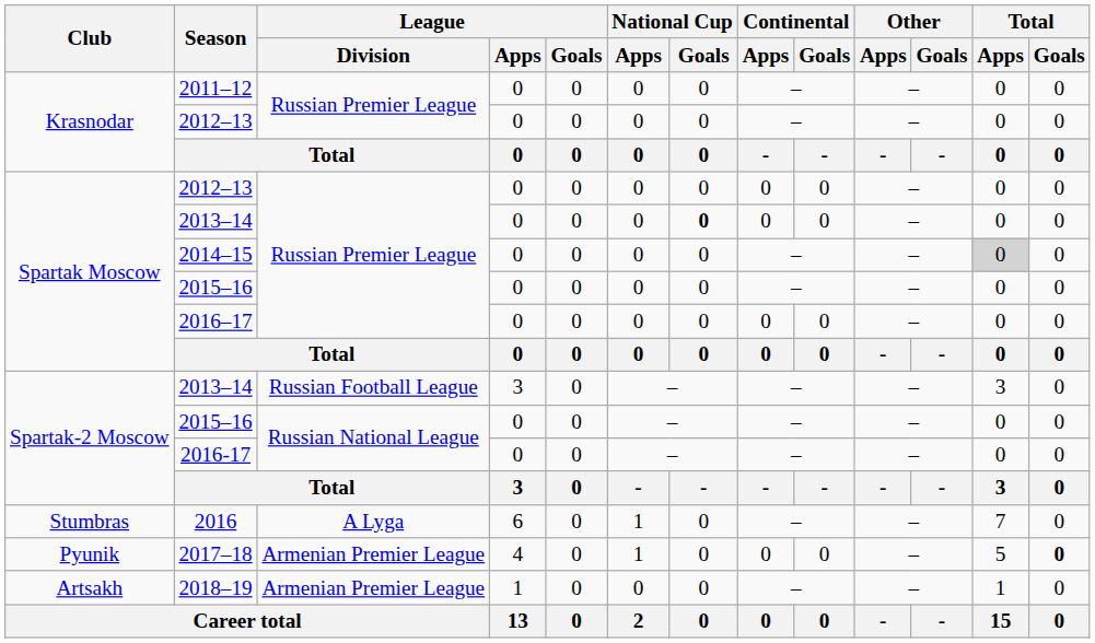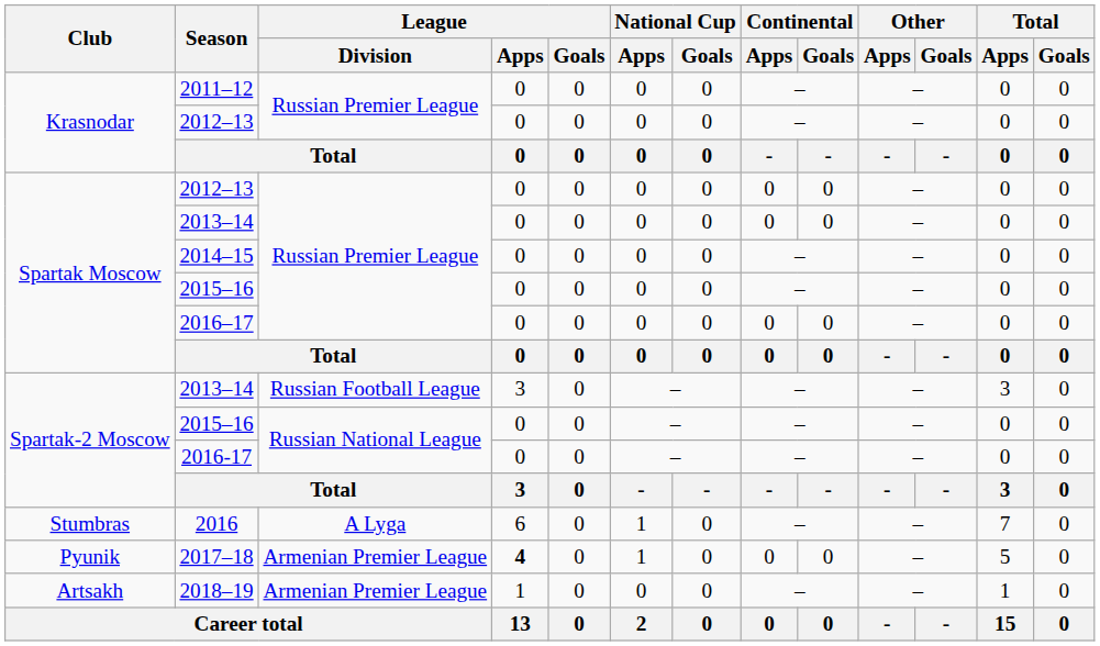 <table class="wikitable" style="text-align: center;">
 <tr>
 <th rowspan="2">Club</th>
 <th rowspan="2">Season</th>
 <th colspan="3">League</th>
 <th colspan="2">National Cup</th>
 <th colspan="2">Continental</th>
 <th colspan="2">Other</th>
 <th colspan="2">Total</th>
 </tr>
 <tr>
 <th>Division</th>
 <th>Apps</th>
 <th>Goals</th>
 <th>Apps</th>
 <th>Goals</th>
 <th>Apps</th>
 <th>Goals</th>
 <th>Apps</th>
 <th>Goals</th>
 <th>Apps</th>
 <th>Goals</th>
 </tr>
 <tr>
 <td rowspan="3" valign="center"><a href='#'>Krasnodar</a></td>
 <td><a href='#'>2011–12</a></td>
 <td rowspan="2" valign="center"><a href='#'>Russian Premier League</a></td>
 <td>0</td>
 <td>0</td>
 <td>0</td>
 <td>0</td>
 <td colspan="2">–</td>
 <td colspan="2">–</td>
 <td>0</td>
 <td>0</td>
 </tr>
 <tr>
 <td><a href='#'>2012–13</a></td>
 <td>0</td>
 <td>0</td>
 <td>0</td>
 <td>0</td>
 <td colspan="2">–</td>
 <td colspan="2">–</td>
 <td>0</td>
 <td>0</td>
 </tr>
 <tr>
 <th colspan="2">Total</th>
 <th>0</th>
 <th>0</th>
 <th>0</th>
 <th>0</th>
 <th>-</th>
 <th>-</th>
 <th>-</th>
 <th>-</th>
 <th>0</th>
 <th>0</th>
 </tr>
 <tr>
 <td rowspan="6" valign="center"><a href='#'>Spartak Moscow</a></td>
 <td><a href='#'>2012–13</a></td>
 <td rowspan="5" valign="center"><a href='#'>Russian Premier League</a></td>
 <td>0</td>
 <td>0</td>
 <td>0</td>
 <td>0</td>
 <td>0</td>
 <td>0</td>
 <td colspan="2">–</td>
 <td>0</td>
 <td>0</td>
 </tr>
 <tr>
 <td><a href='#'>2013–14</a></td>
 <td>0</td>
 <td>0</td>
 <td>0</td>
-<td><strong>0</strong></td>
+<td>0</td>
 <td>0</td>
 <td>0</td>
 <td colspan="2">–</td>
 <td>0</td>
 <td>0</td>
 </tr>
 <tr>
 <td><a href='#'>2014–15</a></td>
 <td>0</td>
 <td>0</td>
 <td>0</td>
 <td>0</td>
 <td colspan="2">–</td>
 <td colspan="2">–</td>
-<td style="background: lightgrey;">0</td>
+<td>0</td>
 <td>0</td>
 </tr>
 <tr>
 <td><a href='#'>2015–16</a></td>
 <td>0</td>
 <td>0</td>
 <td>0</td>
 <td>0</td>
 <td colspan="2">–</td>
 <td colspan="2">–</td>
 <td>0</td>
 <td>0</td>
 </tr>
 <tr>
 <td><a href='#'>2016–17</a></td>
 <td>0</td>
 <td>0</td>
 <td>0</td>
 <td>0</td>
 <td>0</td>
 <td>0</td>
 <td colspan="2">–</td>
 <td>0</td>
 <td>0</td>
 </tr>
 <tr>
 <th colspan="2">Total</th>
 <th>0</th>
 <th>0</th>
 <th>0</th>
 <th>0</th>
 <th>0</th>
 <th>0</th>
 <th>-</th>
 <th>-</th>
 <th>0</th>
 <th>0</th>
 </tr>
 <tr>
 <td rowspan="4" valign="center"><a href='#'>Spartak-2 Moscow</a></td>
 <td><a href='#'>2013–14</a></td>
 <td valign="center"><a href='#'>Russian Football League</a></td>
 <td>3</td>
 <td>0</td>
 <td colspan="2">–</td>
 <td colspan="2">–</td>
 <td colspan="2">–</td>
 <td>3</td>
 <td>0</td>
 </tr>
 <tr>
 <td><a href='#'>2015–16</a></td>
 <td rowspan="2" valign="center"><a href='#'>Russian National League</a></td>
 <td>0</td>
 <td>0</td>
 <td colspan="2">–</td>
 <td colspan="2">–</td>
 <td colspan="2">–</td>
 <td>0</td>
 <td>0</td>
 </tr>
 <tr>
 <td><a href='#'>2016-17</a></td>
 <td>0</td>
 <td>0</td>
 <td colspan="2">–</td>
 <td colspan="2">–</td>
 <td colspan="2">–</td>
 <td>0</td>
 <td>0</td>
 </tr>
 <tr>
 <th colspan="2">Total</th>
 <th>3</th>
 <th>0</th>
 <th>-</th>
 <th>-</th>
 <th>-</th>
 <th>-</th>
 <th>-</th>
 <th>-</th>
 <th>3</th>
 <th>0</th>
 </tr>
 <tr>
 <td valign="center"><a href='#'>Stumbras</a></td>
 <td><a href='#'>2016</a></td>
 <td><a href='#'>A Lyga</a></td>
 <td>6</td>
 <td>0</td>
 <td>1</td>
 <td>0</td>
 <td colspan="2">–</td>
 <td colspan="2">–</td>
 <td>7</td>
 <td>0</td>
 </tr>
 <tr>
 <td valign="center"><a href='#'>Pyunik</a></td>
 <td><a href='#'>2017–18</a></td>
 <td><a href='#'>Armenian Premier League</a></td>
-<td>4</td>
+<td><strong>4</strong></td>
 <td>0</td>
 <td>1</td>
 <td>0</td>
 <td>0</td>
 <td>0</td>
 <td colspan="2">–</td>
 <td>5</td>
-<td><strong>0</strong></td>
+<td>0</td>
 </tr>
 <tr>
 <td valign="center"><a href='#'>Artsakh</a></td>
 <td><a href='#'>2018–19</a></td>
 <td><a href='#'>Armenian Premier League</a></td>
 <td>1</td>
 <td>0</td>
 <td>0</td>
 <td>0</td>
 <td colspan="2">–</td>
 <td colspan="2">–</td>
 <td>1</td>
 <td>0</td>
 </tr>
 <tr>
 <th colspan="3">Career total</th>
 <th>13</th>
 <th>0</th>
 <th>2</th>
 <th>0</th>
 <th>0</th>
 <th>0</th>
 <th>-</th>
 <th>-</th>
 <th>15</th>
 <th>0</th>
 </tr>
 </table>
